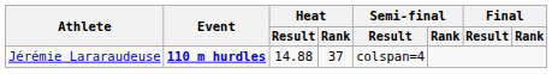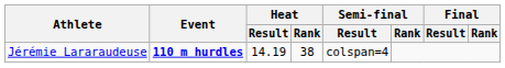 <table class=wikitable style=font-size:90%>
 <tr>
 <th rowspan=2>Athlete</th>
 <th rowspan=2>Event</th>
 <th colspan=2>Heat</th>
 <th colspan=2>Semi-final</th>
 <th colspan=2>Final</th>
 </tr>
 <tr style=font-size:95%>
 <th>Result</th>
 <th>Rank</th>
 <th>Result</th>
 <th>Rank</th>
 <th>Result</th>
 <th>Rank</th>
 </tr>
 <tr align=center>
 <td align=left><a href='#'>Jérémie Lararaudeuse</a></td>
 <td align=left><strong><a href='#'>110 m hurdles</a></strong></td>
-<td>14.88</td>
-<td>37</td>
+<td>14.19</td>
+<td>38</td>
 <td>colspan=4 </td>
 </tr>
 </table>
